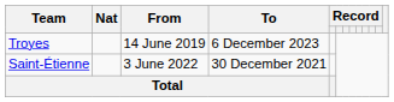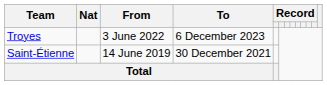 <table class="wikitable" style="text-align:center">
 <tr>
 <th rowspan="2">Team</th>
 <th rowspan="2">Nat</th>
 <th rowspan="2">From</th>
 <th rowspan="2">To</th>
 <th colspan="8">Record</th>
 <th rowspan=2></th>
 </tr>
 <tr>
 <th></th>
 <th></th>
 <th></th>
 <th></th>
 <th></th>
 <th></th>
 <th></th>
 <th></th>
 </tr>
 <tr>
 <td align=left><a href='#'>Troyes</a></td>
 <td></td>
-<td align=left>14 June 2019</td>
+<td align=left>3 June 2022</td>
 <td align=left>6 December 2023<br></td>
 <td></td>
 </tr>
 <tr>
 <td align=left><a href='#'>Saint-Étienne</a></td>
 <td></td>
-<td align=left>3 June 2022</td>
+<td align=left>14 June 2019</td>
 <td align=left>30 December 2021<br></td>
 <td></td>
 </tr>
 <tr>
 <th colspan="4">Total<br></th>
 <th></th>
 </tr>
 </table>
